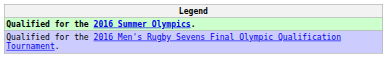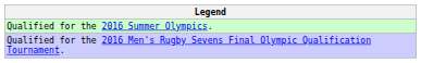 <table class="wikitable">
 <tr>
 <th>Legend</th>
 </tr>
 <tr bgcolor=ccffcc>
-<td><strong>Qualified for the <a href='#'>2016 Summer Olympics</a>.</strong></td>
+<td>Qualified for the <a href='#'>2016 Summer Olympics</a>.</td>
 </tr>
 <tr bgcolor=ccccff>
 <td>Qualified for the <a href='#'>2016 Men's Rugby Sevens Final Olympic Qualification Tournament</a>.</td>
 </tr>
 </table>
